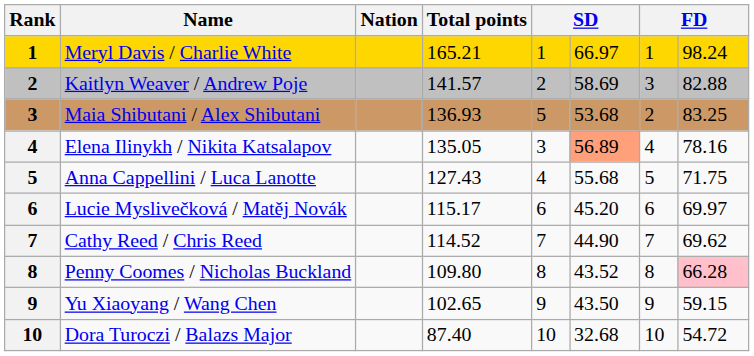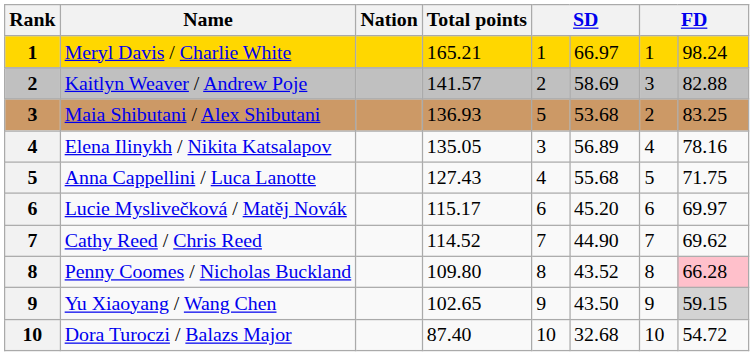 <table class="wikitable sortable">
 <tr>
 <th>Rank</th>
 <th>Name</th>
 <th>Nation</th>
 <th>Total points</th>
 <th colspan="2" width="80px"><a href='#'>SD</a></th>
 <th colspan="2" width="80px"><a href='#'>FD</a></th>
 </tr>
 <tr bgcolor="gold">
 <td align="center"><strong>1</strong></td>
 <td><a href='#'>Meryl Davis</a> / <a href='#'>Charlie White</a></td>
 <td></td>
 <td>165.21</td>
 <td>1</td>
 <td>66.97</td>
 <td>1</td>
 <td>98.24</td>
 </tr>
 <tr bgcolor="silver">
 <td align="center"><strong>2</strong></td>
 <td><a href='#'>Kaitlyn Weaver</a> / <a href='#'>Andrew Poje</a></td>
 <td></td>
 <td>141.57</td>
 <td>2</td>
 <td>58.69</td>
 <td>3</td>
 <td>82.88</td>
 </tr>
 <tr bgcolor="cc9966">
 <td align="center"><strong>3</strong></td>
 <td><a href='#'>Maia Shibutani</a> / <a href='#'>Alex Shibutani</a></td>
 <td></td>
 <td>136.93</td>
 <td>5</td>
 <td>53.68</td>
 <td>2</td>
 <td>83.25</td>
 </tr>
 <tr>
 <th>4</th>
 <td><a href='#'>Elena Ilinykh</a> / <a href='#'>Nikita Katsalapov</a></td>
 <td></td>
 <td>135.05</td>
 <td>3</td>
-<td style="background: lightsalmon;">56.89</td>
+<td>56.89</td>
 <td>4</td>
 <td>78.16</td>
 </tr>
 <tr>
 <th>5</th>
 <td><a href='#'>Anna Cappellini</a> / <a href='#'>Luca Lanotte</a></td>
 <td></td>
 <td>127.43</td>
 <td>4</td>
 <td>55.68</td>
 <td>5</td>
 <td>71.75</td>
 </tr>
 <tr>
 <th>6</th>
 <td><a href='#'>Lucie Myslivečková</a> / <a href='#'>Matěj Novák</a></td>
 <td></td>
 <td>115.17</td>
 <td>6</td>
 <td>45.20</td>
 <td>6</td>
 <td>69.97</td>
 </tr>
 <tr>
 <th>7</th>
 <td><a href='#'>Cathy Reed</a> / <a href='#'>Chris Reed</a></td>
 <td></td>
 <td>114.52</td>
 <td>7</td>
 <td>44.90</td>
 <td>7</td>
 <td>69.62</td>
 </tr>
 <tr>
 <th>8</th>
 <td><a href='#'>Penny Coomes</a> / <a href='#'>Nicholas Buckland</a></td>
 <td></td>
 <td>109.80</td>
 <td>8</td>
 <td>43.52</td>
 <td>8</td>
 <td style="background: pink;">66.28</td>
 </tr>
 <tr>
 <th>9</th>
 <td><a href='#'>Yu Xiaoyang</a> / <a href='#'>Wang Chen</a></td>
 <td></td>
 <td>102.65</td>
 <td>9</td>
 <td>43.50</td>
 <td>9</td>
-<td>59.15</td>
+<td style="background: lightgrey;">59.15</td>
 </tr>
 <tr>
 <th>10</th>
 <td><a href='#'>Dora Turoczi</a> / <a href='#'>Balazs Major</a></td>
 <td></td>
 <td>87.40</td>
 <td>10</td>
 <td>32.68</td>
 <td>10</td>
 <td>54.72</td>
 </tr>
 </table>
